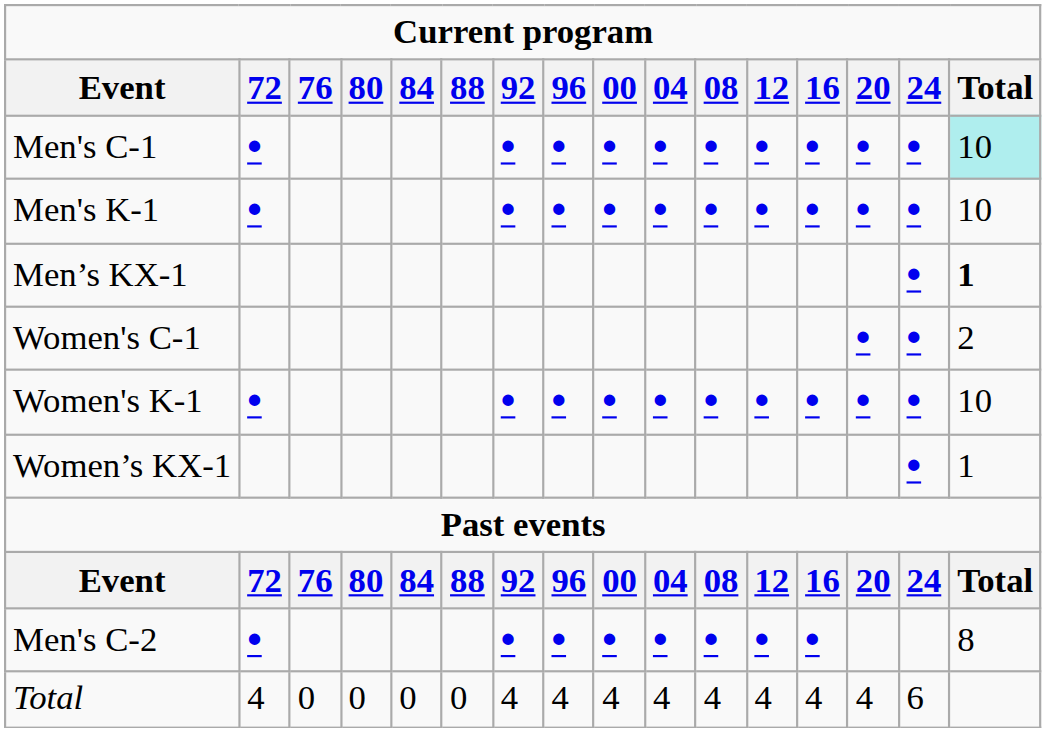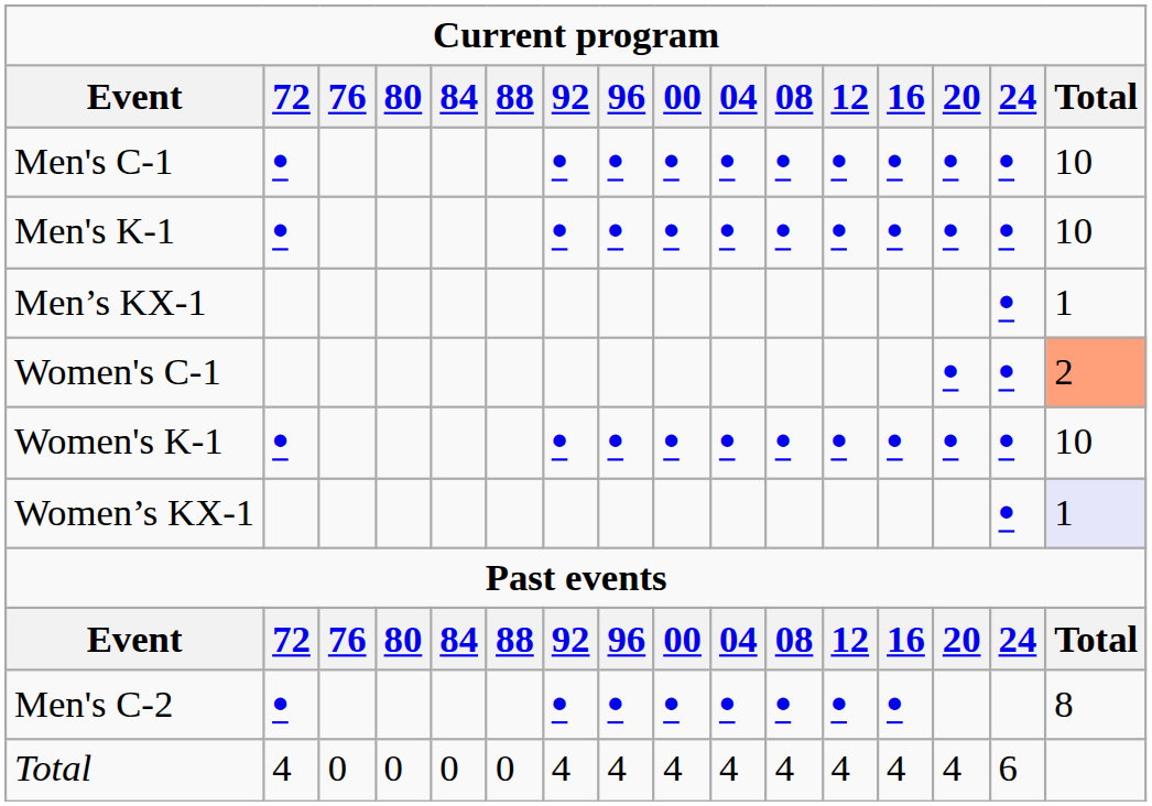 <table class="wikitable">
 <tr>
 <td colspan=31 align=center><strong>Current program</strong></td>
 </tr>
 <tr align=center>
 <th>Event</th>
 <th><a href='#'>72</a></th>
 <th><a href='#'>76</a></th>
 <th><a href='#'>80</a></th>
 <th><a href='#'>84</a></th>
 <th><a href='#'>88</a></th>
 <th><a href='#'>92</a></th>
 <th><a href='#'>96</a></th>
 <th><a href='#'>00</a></th>
 <th><a href='#'>04</a></th>
 <th><a href='#'>08</a></th>
 <th><a href='#'>12</a></th>
 <th><a href='#'>16</a></th>
 <th><a href='#'>20</a></th>
 <th><a href='#'>24</a></th>
 <th>Total</th>
 </tr>
 <tr>
 <td align=left>Men's C-1</td>
 <td><big><strong><a href='#'>•</a></strong></big></td>
 <td></td>
 <td></td>
 <td></td>
 <td></td>
 <td><big><strong><a href='#'>•</a></strong></big></td>
 <td><big><strong><a href='#'>•</a></strong></big></td>
 <td><big><strong><a href='#'>•</a></strong></big></td>
 <td><big><strong><a href='#'>•</a></strong></big></td>
 <td><big><strong><a href='#'>•</a></strong></big></td>
 <td><big><strong><a href='#'>•</a></strong></big></td>
 <td><big><strong><a href='#'>•</a></strong></big></td>
 <td><big><strong><a href='#'>•</a></strong></big></td>
 <td><big><strong><a href='#'>•</a></strong></big></td>
-<td style="background: paleturquoise;">10</td>
+<td>10</td>
 </tr>
 <tr>
 <td align=left>Men's K-1</td>
 <td><big><strong><a href='#'>•</a></strong></big></td>
 <td></td>
 <td></td>
 <td></td>
 <td></td>
 <td><big><strong><a href='#'>•</a></strong></big></td>
 <td><big><strong><a href='#'>•</a></strong></big></td>
 <td><big><strong><a href='#'>•</a></strong></big></td>
 <td><big><strong><a href='#'>•</a></strong></big></td>
 <td><big><strong><a href='#'>•</a></strong></big></td>
 <td><big><strong><a href='#'>•</a></strong></big></td>
 <td><big><strong><a href='#'>•</a></strong></big></td>
 <td><big><strong><a href='#'>•</a></strong></big></td>
 <td><big><strong><a href='#'>•</a></strong></big></td>
 <td>10</td>
 </tr>
 <tr>
 <td align=left>Men’s KX-1</td>
 <td></td>
 <td></td>
 <td></td>
 <td></td>
 <td></td>
 <td></td>
 <td></td>
 <td></td>
 <td></td>
 <td></td>
 <td></td>
 <td></td>
 <td></td>
 <td><big><strong><a href='#'>•</a></strong></big></td>
-<td><strong>1</strong></td>
+<td>1</td>
 </tr>
 <tr>
 <td align=left>Women's C-1</td>
 <td></td>
 <td></td>
 <td></td>
 <td></td>
 <td></td>
 <td></td>
 <td></td>
 <td></td>
 <td></td>
 <td></td>
 <td></td>
 <td></td>
 <td><big><strong><a href='#'>•</a></strong></big></td>
 <td><big><strong><a href='#'>•</a></strong></big></td>
-<td>2</td>
+<td style="background: lightsalmon;">2</td>
 </tr>
 <tr>
 <td align=left>Women's K-1</td>
 <td><big><strong><a href='#'>•</a></strong></big></td>
 <td></td>
 <td></td>
 <td></td>
 <td></td>
 <td><big><strong><a href='#'>•</a></strong></big></td>
 <td><big><strong><a href='#'>•</a></strong></big></td>
 <td><big><strong><a href='#'>•</a></strong></big></td>
 <td><big><strong><a href='#'>•</a></strong></big></td>
 <td><big><strong><a href='#'>•</a></strong></big></td>
 <td><big><strong><a href='#'>•</a></strong></big></td>
 <td><big><strong><a href='#'>•</a></strong></big></td>
 <td><big><strong><a href='#'>•</a></strong></big></td>
 <td><big><strong><a href='#'>•</a></strong></big></td>
 <td>10</td>
 </tr>
 <tr>
 <td align=left>Women’s KX-1</td>
 <td></td>
 <td></td>
 <td></td>
 <td></td>
 <td></td>
 <td></td>
 <td></td>
 <td></td>
 <td></td>
 <td></td>
 <td></td>
 <td></td>
 <td></td>
 <td><big><strong><a href='#'>•</a></strong></big></td>
-<td>1</td>
+<td style="background: lavender;">1</td>
 </tr>
 <tr>
 <td colspan=28 align=center><strong>Past events</strong></td>
 </tr>
 <tr align=center>
 <th>Event</th>
 <th><a href='#'>72</a></th>
 <th><a href='#'>76</a></th>
 <th><a href='#'>80</a></th>
 <th><a href='#'>84</a></th>
 <th><a href='#'>88</a></th>
 <th><a href='#'>92</a></th>
 <th><a href='#'>96</a></th>
 <th><a href='#'>00</a></th>
 <th><a href='#'>04</a></th>
 <th><a href='#'>08</a></th>
 <th><a href='#'>12</a></th>
 <th><a href='#'>16</a></th>
 <th><a href='#'>20</a></th>
 <th><a href='#'>24</a></th>
 <th>Total</th>
 </tr>
 <tr>
 <td align=left>Men's C-2</td>
 <td><big><strong><a href='#'>•</a></strong></big></td>
 <td></td>
 <td></td>
 <td></td>
 <td></td>
 <td><big><strong><a href='#'>•</a></strong></big></td>
 <td><big><strong><a href='#'>•</a></strong></big></td>
 <td><big><strong><a href='#'>•</a></strong></big></td>
 <td><big><strong><a href='#'>•</a></strong></big></td>
 <td><big><strong><a href='#'>•</a></strong></big></td>
 <td><big><strong><a href='#'>•</a></strong></big></td>
 <td><big><strong><a href='#'>•</a></strong></big></td>
 <td></td>
 <td></td>
 <td>8</td>
 </tr>
 <tr>
 <td align=left><em>Total</em></td>
 <td>4</td>
 <td>0</td>
 <td>0</td>
 <td>0</td>
 <td>0</td>
 <td>4</td>
 <td>4</td>
 <td>4</td>
 <td>4</td>
 <td>4</td>
 <td>4</td>
 <td>4</td>
 <td>4</td>
 <td>6</td>
 <td></td>
 </tr>
 </table>
